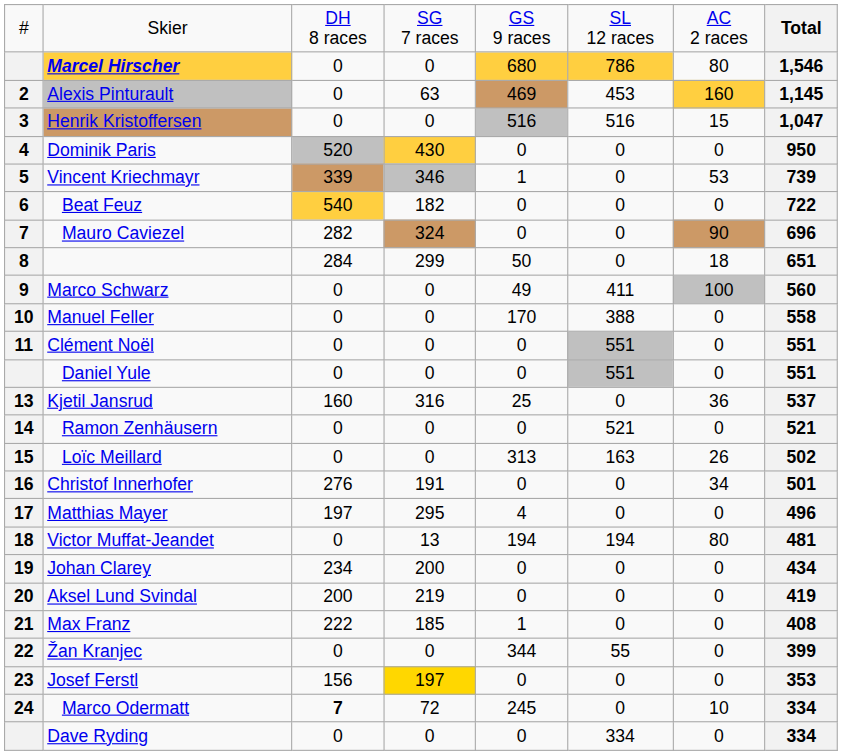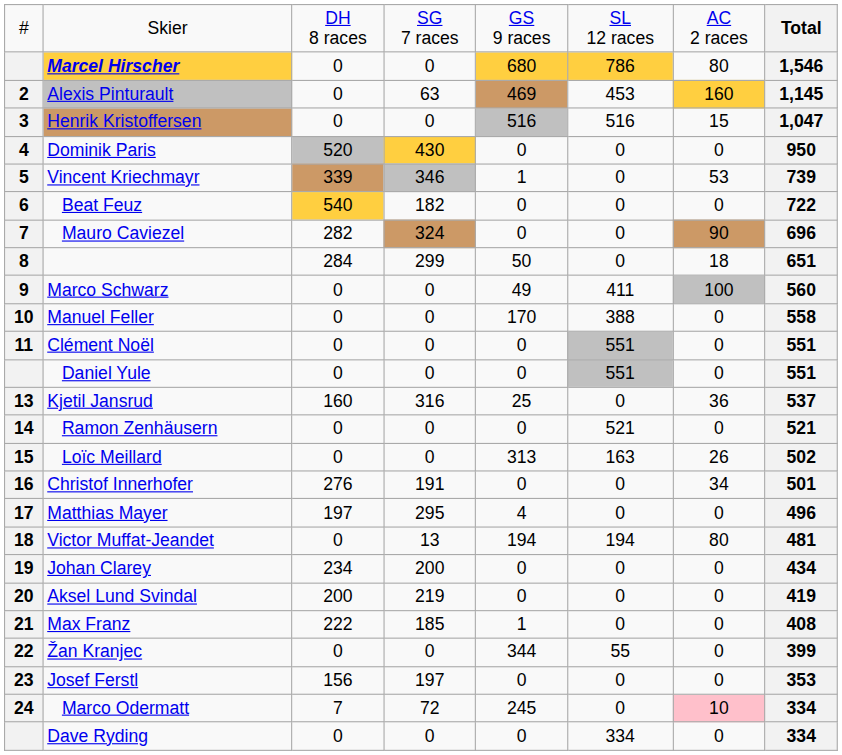 <table class="wikitable" width=60% style="font-size:100%; text-align:center;">
 <tr>
 <td>#</td>
 <td>Skier</td>
 <td><a href='#'>DH</a><br>8 races</td>
 <td><a href='#'>SG</a><br>7 races</td>
 <td><a href='#'>GS</a><br>9 races</td>
 <td><a href='#'>SL</a><br>12 races</td>
 <td><a href='#'>AC</a><br>2 races</td>
 <th>Total</th>
 </tr>
 <tr>
 <th></th>
 <td align=left bgcolor=ffcf40> <strong><em><a href='#'>Marcel Hirscher</a></em></strong></td>
 <td>0</td>
 <td>0</td>
 <td bgcolor=ffcf40>680</td>
 <td bgcolor=ffcf40>786</td>
 <td>80</td>
 <th>1,546</th>
 </tr>
 <tr |>
 <th>2</th>
 <td align=left bgcolor=c0c0c0> <a href='#'>Alexis Pinturault</a></td>
 <td>0</td>
 <td>63</td>
 <td bgcolor=cc9966>469</td>
 <td>453</td>
 <td bgcolor=ffcf40>160</td>
 <th>1,145</th>
 </tr>
 <tr>
 <th>3</th>
 <td align=left bgcolor=cc9966> <a href='#'>Henrik Kristoffersen</a></td>
 <td>0</td>
 <td>0</td>
 <td bgcolor=c0c0c0>516</td>
 <td>516</td>
 <td>15</td>
 <th>1,047</th>
 </tr>
 <tr>
 <th>4</th>
 <td align=left> <a href='#'>Dominik Paris</a></td>
 <td bgcolor=c0c0c0>520</td>
 <td bgcolor=ffcf40>430</td>
 <td>0</td>
 <td>0</td>
 <td>0</td>
 <th>950</th>
 </tr>
 <tr>
 <th>5</th>
 <td align=left> <a href='#'>Vincent Kriechmayr</a></td>
 <td bgcolor=cc9966>339</td>
 <td bgcolor=c0c0c0>346</td>
 <td>1</td>
 <td>0</td>
 <td>53</td>
 <th>739</th>
 </tr>
 <tr>
 <th>6</th>
 <td align=left>   <a href='#'>Beat Feuz</a></td>
 <td bgcolor=ffcf40>540</td>
 <td>182</td>
 <td>0</td>
 <td>0</td>
 <td>0</td>
 <th>722</th>
 </tr>
 <tr>
 <th>7</th>
 <td align=left>   <a href='#'>Mauro Caviezel</a></td>
 <td>282</td>
 <td bgcolor=cc9966>324</td>
 <td>0</td>
 <td>0</td>
 <td bgcolor=cc9966>90</td>
 <th>696</th>
 </tr>
 <tr>
 <th>8</th>
 <td align=left></td>
 <td>284</td>
 <td>299</td>
 <td>50</td>
 <td>0</td>
 <td>18</td>
 <th>651</th>
 </tr>
 <tr>
 <th>9</th>
 <td align=left> <a href='#'>Marco Schwarz</a></td>
 <td>0</td>
 <td>0</td>
 <td>49</td>
 <td>411</td>
 <td bgcolor=c0c0c0>100</td>
 <th>560</th>
 </tr>
 <tr>
 <th>10</th>
 <td align=left> <a href='#'>Manuel Feller</a></td>
 <td>0</td>
 <td>0</td>
 <td>170</td>
 <td>388</td>
 <td>0</td>
 <th>558</th>
 </tr>
 <tr>
 <th>11</th>
 <td align=left> <a href='#'>Clément Noël</a></td>
 <td>0</td>
 <td>0</td>
 <td>0</td>
 <td bgcolor=c0c0c0>551</td>
 <td>0</td>
 <th>551</th>
 </tr>
 <tr>
 <th></th>
 <td align=left>   <a href='#'>Daniel Yule</a></td>
 <td>0</td>
 <td>0</td>
 <td>0</td>
 <td bgcolor=c0c0c0>551</td>
 <td>0</td>
 <th>551</th>
 </tr>
 <tr>
 <th>13</th>
 <td align=left> <a href='#'>Kjetil Jansrud</a></td>
 <td>160</td>
 <td>316</td>
 <td>25</td>
 <td>0</td>
 <td>36</td>
 <th>537</th>
 </tr>
 <tr>
 <th>14</th>
 <td align=left>   <a href='#'>Ramon Zenhäusern</a></td>
 <td>0</td>
 <td>0</td>
 <td>0</td>
 <td>521</td>
 <td>0</td>
 <th>521</th>
 </tr>
 <tr>
 <th>15</th>
 <td align=left>   <a href='#'>Loïc Meillard</a></td>
 <td>0</td>
 <td>0</td>
 <td>313</td>
 <td>163</td>
 <td>26</td>
 <th>502</th>
 </tr>
 <tr>
 <th>16</th>
 <td align=left> <a href='#'>Christof Innerhofer</a></td>
 <td>276</td>
 <td>191</td>
 <td>0</td>
 <td>0</td>
 <td>34</td>
 <th>501</th>
 </tr>
 <tr>
 <th>17</th>
 <td align=left> <a href='#'>Matthias Mayer</a></td>
 <td>197</td>
 <td>295</td>
 <td>4</td>
 <td>0</td>
 <td>0</td>
 <th>496</th>
 </tr>
 <tr>
 <th>18</th>
 <td align=left> <a href='#'>Victor Muffat-Jeandet</a></td>
 <td>0</td>
 <td>13</td>
 <td>194</td>
 <td>194</td>
 <td>80</td>
 <th>481</th>
 </tr>
 <tr>
 <th>19</th>
 <td align=left> <a href='#'>Johan Clarey</a></td>
 <td>234</td>
 <td>200</td>
 <td>0</td>
 <td>0</td>
 <td>0</td>
 <th>434</th>
 </tr>
 <tr>
 <th>20</th>
 <td align=left> <a href='#'>Aksel Lund Svindal</a></td>
 <td>200</td>
 <td>219</td>
 <td>0</td>
 <td>0</td>
 <td>0</td>
 <th>419</th>
 </tr>
 <tr>
 <th>21</th>
 <td align=left> <a href='#'>Max Franz</a></td>
 <td>222</td>
 <td>185</td>
 <td>1</td>
 <td>0</td>
 <td>0</td>
 <th>408</th>
 </tr>
 <tr>
 <th>22</th>
 <td align=left> <a href='#'>Žan Kranjec</a></td>
 <td>0</td>
 <td>0</td>
 <td>344</td>
 <td>55</td>
 <td>0</td>
 <th>399</th>
 </tr>
 <tr>
 <th>23</th>
 <td align=left> <a href='#'>Josef Ferstl</a></td>
 <td>156</td>
-<td style="background: gold;">197</td>
+<td>197</td>
 <td>0</td>
 <td>0</td>
 <td>0</td>
 <th>353</th>
 </tr>
 <tr>
 <th>24</th>
 <td align=left>   <a href='#'>Marco Odermatt</a></td>
-<td><strong>7</strong></td>
+<td>7</td>
 <td>72</td>
 <td>245</td>
 <td>0</td>
-<td>10</td>
+<td style="background: pink;">10</td>
 <th>334</th>
 </tr>
 <tr>
 <th></th>
 <td align=left> <a href='#'>Dave Ryding</a></td>
 <td>0</td>
 <td>0</td>
 <td>0</td>
 <td>334</td>
 <td>0</td>
 <th>334</th>
 </tr>
 </table>
